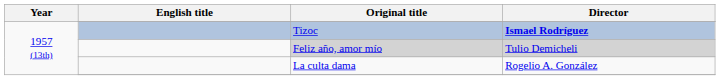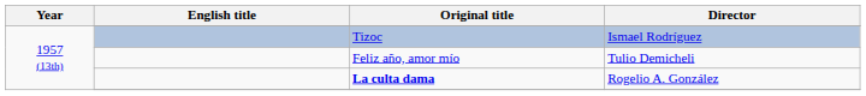 <table class="wikitable">
 <tr>
 <th width="100"><strong>Year</strong></th>
 <th width="300"><strong>English title</strong></th>
 <th width="300"><strong>Original title</strong></th>
 <th width="300"><strong>Director</strong></th>
 </tr>
 <tr>
 <td rowspan="6" style="text-align:center;"><a href='#'>1957</a><br><small><a href='#'>(13th)</a></small></td>
 </tr>
 <tr style="background:#B0C4DE;">
 <td></td>
 <td><a href='#'>Tizoc</a></td>
-<td><strong><a href='#'>Ismael Rodríguez</a></strong></td>
+<td><a href='#'>Ismael Rodríguez</a></td>
 </tr>
 <tr>
 <td></td>
-<td style="background: lightgrey;"><a href='#'>Feliz año, amor mío</a></td>
-<td style="background: lightgrey;"><a href='#'>Tulio Demicheli</a></td>
+<td><a href='#'>Feliz año, amor mío</a></td>
+<td><a href='#'>Tulio Demicheli</a></td>
 </tr>
 <tr>
 <td></td>
-<td><a href='#'>La culta dama</a></td>
+<td><strong><a href='#'>La culta dama</a></strong></td>
 <td><a href='#'>Rogelio A. González</a></td>
 </tr>
 <tr>
 </tr>
 </table>
